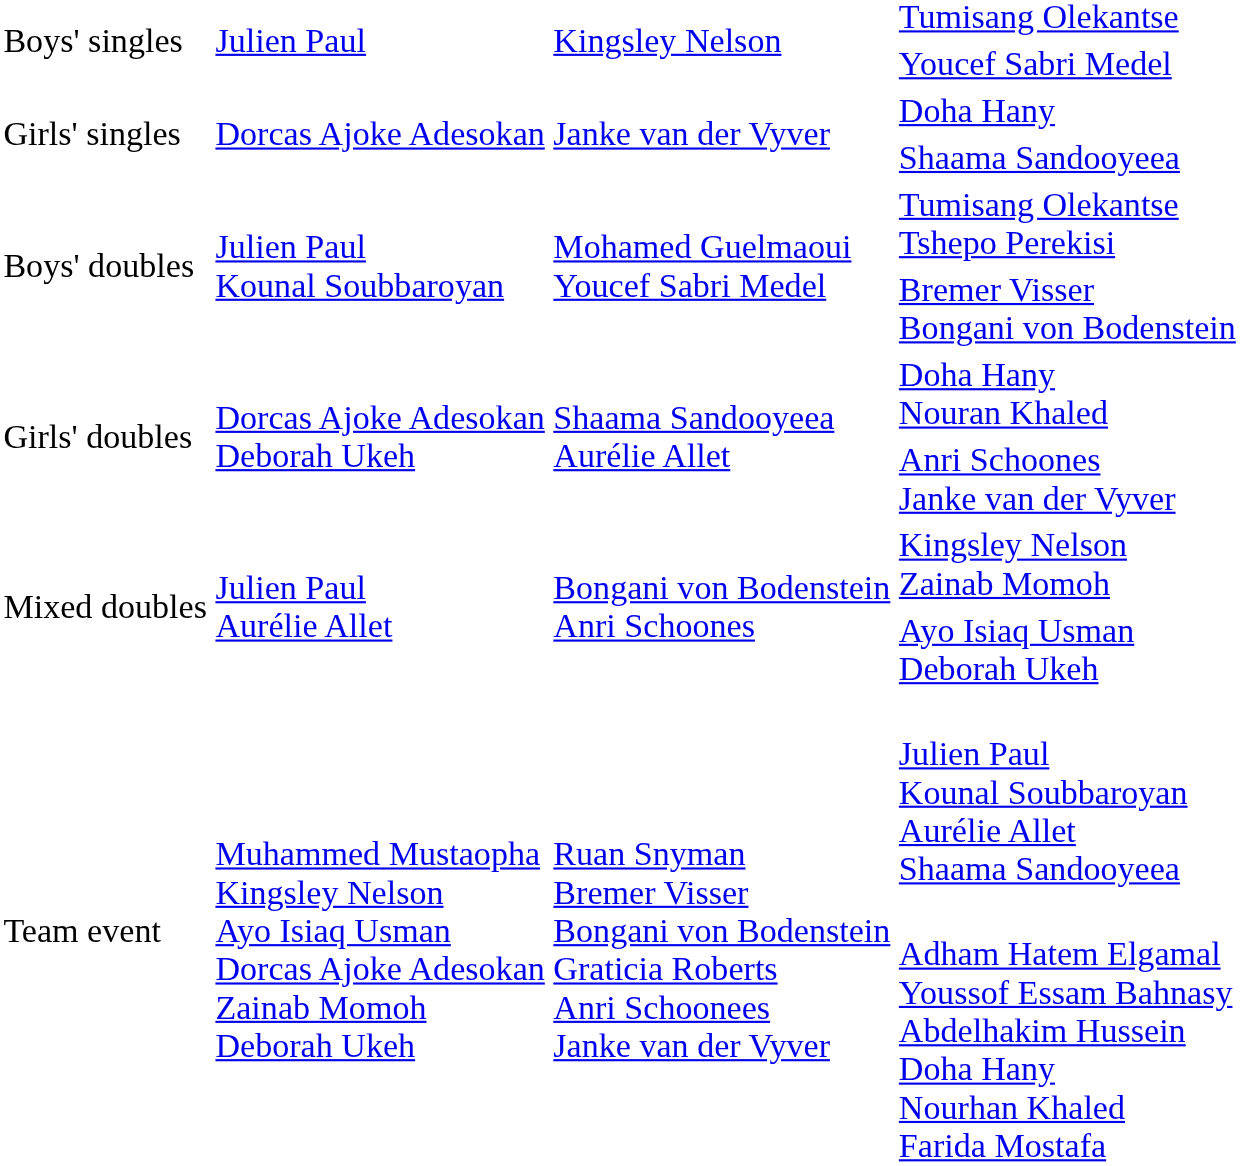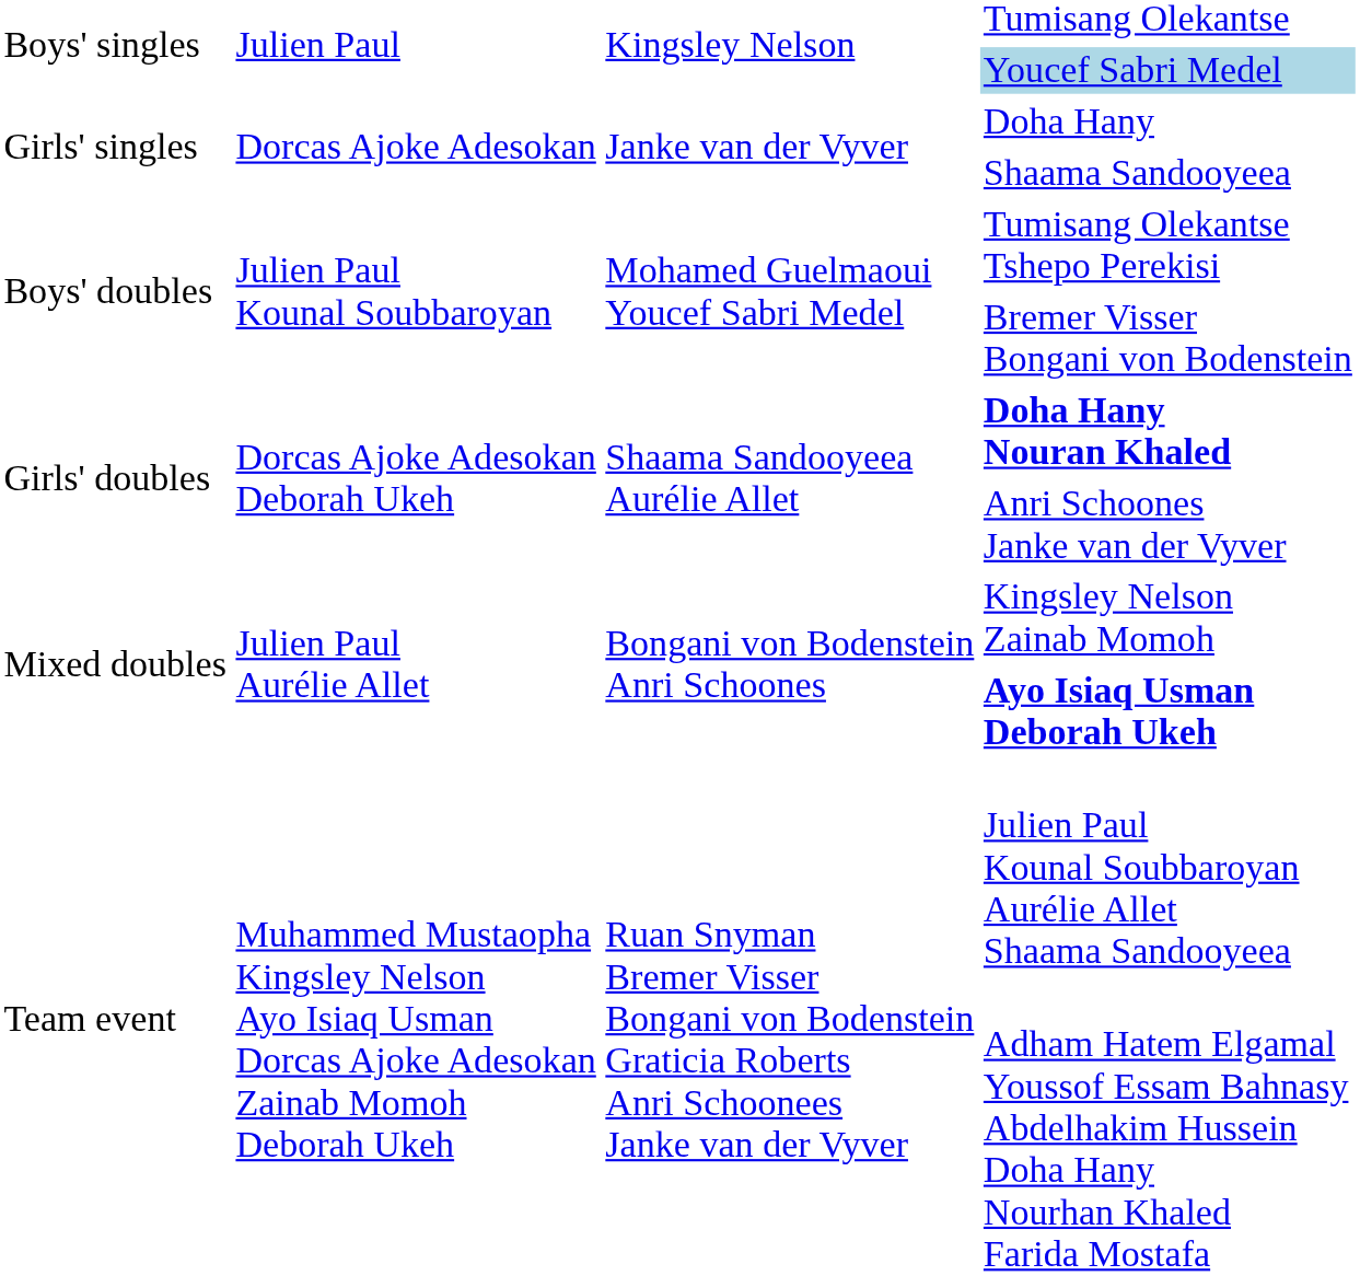 <table>
 <tr>
 <td rowspan=2>Boys' singles</td>
 <td rowspan=2> <a href='#'>Julien Paul</a></td>
 <td rowspan=2> <a href='#'>Kingsley Nelson</a></td>
 <td> <a href='#'>Tumisang Olekantse</a></td>
 </tr>
 <tr>
-<td> <a href='#'>Youcef Sabri Medel</a></td>
+<td style="background: lightblue;"> <a href='#'>Youcef Sabri Medel</a></td>
 </tr>
 <tr>
 <td rowspan=2>Girls' singles</td>
 <td rowspan=2> <a href='#'>Dorcas Ajoke Adesokan</a></td>
 <td rowspan=2> <a href='#'>Janke van der Vyver</a></td>
 <td> <a href='#'>Doha Hany</a></td>
 </tr>
 <tr>
 <td> <a href='#'>Shaama Sandooyeea</a></td>
 </tr>
 <tr>
 <td rowspan=2>Boys' doubles</td>
 <td rowspan=2> <a href='#'>Julien Paul</a><br> <a href='#'>Kounal Soubbaroyan</a></td>
 <td rowspan=2> <a href='#'>Mohamed Guelmaoui</a><br> <a href='#'>Youcef Sabri Medel</a></td>
 <td> <a href='#'>Tumisang Olekantse</a><br> <a href='#'>Tshepo Perekisi</a></td>
 </tr>
 <tr>
 <td> <a href='#'>Bremer Visser</a><br> <a href='#'>Bongani von Bodenstein</a></td>
 </tr>
 <tr>
 <td rowspan=2>Girls' doubles</td>
 <td rowspan=2> <a href='#'>Dorcas Ajoke Adesokan</a><br> <a href='#'>Deborah Ukeh</a></td>
 <td rowspan=2> <a href='#'>Shaama Sandooyeea</a><br> <a href='#'>Aurélie Allet</a></td>
-<td> <a href='#'>Doha Hany</a><br> <a href='#'>Nouran Khaled</a></td>
+<td><strong> <a href='#'>Doha Hany</a><br> <a href='#'>Nouran Khaled</a></strong></td>
 </tr>
 <tr>
 <td> <a href='#'>Anri Schoones</a><br> <a href='#'>Janke van der Vyver</a></td>
 </tr>
 <tr>
 <td rowspan=2>Mixed doubles</td>
 <td rowspan=2> <a href='#'>Julien Paul</a><br> <a href='#'>Aurélie Allet</a></td>
 <td rowspan=2> <a href='#'>Bongani von Bodenstein</a><br> <a href='#'>Anri Schoones</a></td>
 <td> <a href='#'>Kingsley Nelson</a><br> <a href='#'>Zainab Momoh</a></td>
 </tr>
 <tr>
-<td> <a href='#'>Ayo Isiaq Usman</a><br> <a href='#'>Deborah Ukeh</a></td>
+<td><strong> <a href='#'>Ayo Isiaq Usman</a><br> <a href='#'>Deborah Ukeh</a></strong></td>
 </tr>
 <tr>
 <td rowspan=2>Team event</td>
 <td rowspan=2><br><a href='#'>Muhammed Mustaopha</a><br><a href='#'>Kingsley Nelson</a><br><a href='#'>Ayo Isiaq Usman</a><br><a href='#'>Dorcas Ajoke Adesokan</a><br><a href='#'>Zainab Momoh</a><br><a href='#'>Deborah Ukeh</a></td>
 <td rowspan=2><br><a href='#'>Ruan Snyman</a><br><a href='#'>Bremer Visser</a><br><a href='#'>Bongani von Bodenstein</a><br><a href='#'>Graticia Roberts</a><br><a href='#'>Anri Schoonees</a><br><a href='#'>Janke van der Vyver</a></td>
 <td><br><a href='#'>Julien Paul</a><br><a href='#'>Kounal Soubbaroyan</a><br><a href='#'>Aurélie Allet</a><br><a href='#'>Shaama Sandooyeea</a></td>
 </tr>
 <tr>
 <td><br><a href='#'>Adham Hatem Elgamal</a><br><a href='#'>Youssof Essam Bahnasy</a><br><a href='#'>Abdelhakim Hussein</a><br><a href='#'>Doha Hany</a><br><a href='#'>Nourhan Khaled</a><br><a href='#'>Farida Mostafa</a></td>
 </tr>
 </table>
